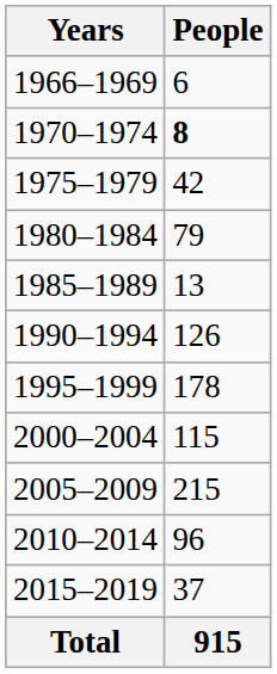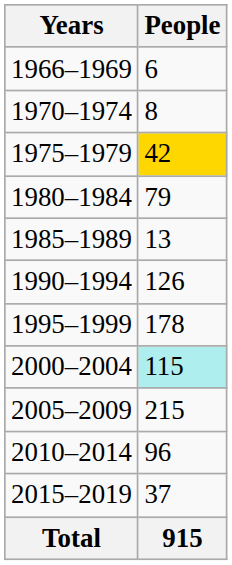 <table class="wikitable floatright">
 <tr>
 <th>Years</th>
 <th>People</th>
 </tr>
 <tr>
 <td>1966–1969</td>
 <td>6</td>
 </tr>
 <tr>
 <td>1970–1974</td>
-<td><strong>8</strong></td>
+<td>8</td>
 </tr>
 <tr>
 <td>1975–1979</td>
-<td>42</td>
+<td style="background: gold;">42</td>
 </tr>
 <tr>
 <td>1980–1984</td>
 <td>79</td>
 </tr>
 <tr>
 <td>1985–1989</td>
 <td>13</td>
 </tr>
 <tr>
 <td>1990–1994</td>
 <td>126</td>
 </tr>
 <tr>
 <td>1995–1999</td>
 <td>178</td>
 </tr>
 <tr>
 <td>2000–2004</td>
-<td>115</td>
+<td style="background: paleturquoise;">115</td>
 </tr>
 <tr>
 <td>2005–2009</td>
 <td>215</td>
 </tr>
 <tr>
 <td>2010–2014</td>
 <td>96</td>
 </tr>
 <tr>
 <td>2015–2019</td>
 <td>37</td>
 </tr>
 <tr>
 <th>Total</th>
 <th>915</th>
 </tr>
 </table>
